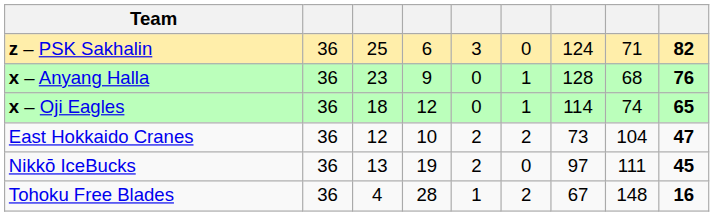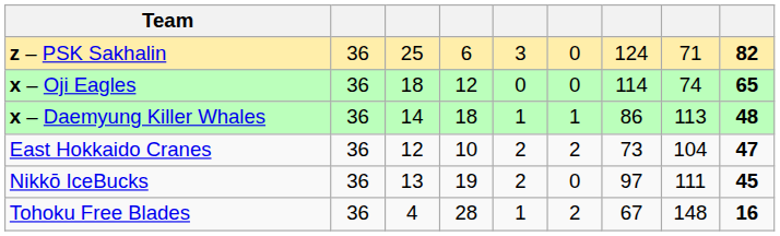 <table class="wikitable sortable" style="text-align:center">
 <tr>
 <th style="width:30%;" class="unsortable">Team</th>
 <th style="width:5%;"></th>
 <th style="width:5%;"></th>
 <th style="width:5%;"></th>
 <th width="5%"></th>
 <th width="5%"></th>
 <th style="width:5%;"></th>
 <th style="width:5%;"></th>
 <th width="5%"></th>
 </tr>
 <tr bgcolor=#ffeeaa>
 <td style="text-align:left"><strong>z</strong> – <a href='#'>PSK Sakhalin</a></td>
 <td>36</td>
 <td>25</td>
 <td>6</td>
 <td>3</td>
 <td>0</td>
 <td>124</td>
 <td>71</td>
 <td><strong>82</strong></td>
 </tr>
 <tr bgcolor=#bbffbb>
-<td style="text-align:left"><strong>x</strong> – <a href='#'>Anyang Halla</a></td>
-<td>36</td>
-<td>23</td>
-<td>9</td>
-<td>0</td>
-<td>1</td>
-<td>128</td>
-<td>68</td>
-<td><strong>76</strong></td>
-</tr>
-<tr bgcolor=#bbffbb>
 <td style="text-align:left"><strong>x</strong> – <a href='#'>Oji Eagles</a></td>
 <td>36</td>
 <td>18</td>
 <td>12</td>
 <td>0</td>
-<td>1</td>
+<td>0</td>
 <td>114</td>
 <td>74</td>
 <td><strong>65</strong></td>
+</tr>
+<tr bgcolor=#bbffbb>
+<td style="text-align:left"><strong>x</strong> – <a href='#'>Daemyung Killer Whales</a></td>
+<td>36</td>
+<td>14</td>
+<td>18</td>
+<td>1</td>
+<td>1</td>
+<td>86</td>
+<td>113</td>
+<td><strong>48</strong></td>
 </tr>
 <tr bgcolor=>
 <td style="text-align:left"><a href='#'>East Hokkaido Cranes</a></td>
 <td>36</td>
 <td>12</td>
 <td>10</td>
 <td>2</td>
 <td>2</td>
 <td>73</td>
 <td>104</td>
 <td><strong>47</strong></td>
 </tr>
 <tr bgcolor=>
 <td style="text-align:left"><a href='#'>Nikkō IceBucks</a></td>
 <td>36</td>
 <td>13</td>
 <td>19</td>
 <td>2</td>
 <td>0</td>
 <td>97</td>
 <td>111</td>
 <td><strong>45</strong></td>
 </tr>
 <tr bgcolor=>
 <td style="text-align:left"><a href='#'>Tohoku Free Blades</a></td>
 <td>36</td>
 <td>4</td>
 <td>28</td>
 <td>1</td>
 <td>2</td>
 <td>67</td>
 <td>148</td>
 <td><strong>16</strong></td>
 </tr>
 </table>
